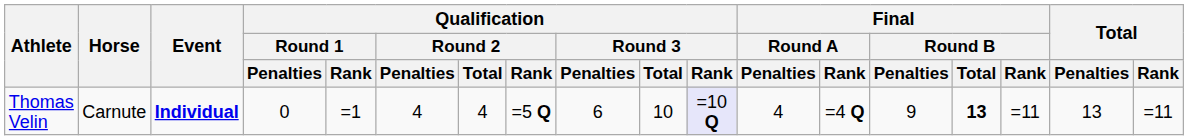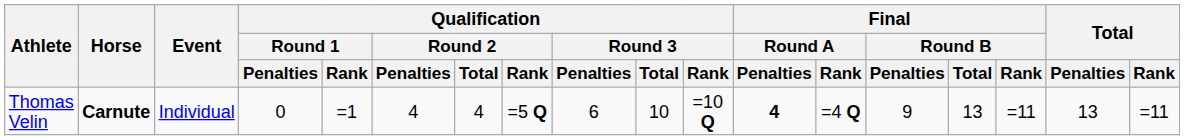 <table class="wikitable" style="font-size:90%">
 <tr>
 <th rowspan="3">Athlete</th>
 <th rowspan="3">Horse</th>
 <th rowspan="3">Event</th>
 <th colspan="8">Qualification</th>
 <th colspan="5">Final</th>
 <th rowspan=2 colspan="2">Total</th>
 </tr>
 <tr style="font-size:95%">
 <th colspan="2">Round 1</th>
 <th colspan="3">Round 2</th>
 <th colspan="3">Round 3</th>
 <th colspan="2">Round A</th>
 <th colspan="3">Round B</th>
 </tr>
 <tr style="font-size:95%">
 <th>Penalties</th>
 <th>Rank</th>
 <th>Penalties</th>
 <th>Total</th>
 <th>Rank</th>
 <th>Penalties</th>
 <th>Total</th>
 <th>Rank</th>
 <th>Penalties</th>
 <th>Rank</th>
 <th>Penalties</th>
 <th>Total</th>
 <th>Rank</th>
 <th>Penalties</th>
 <th>Rank</th>
 </tr>
 <tr align=center>
 <td align=left><a href='#'>Thomas Velin</a></td>
-<td align=left>Carnute</td>
-<td align=left><strong><a href='#'>Individual</a></strong></td>
+<td align=left><strong>Carnute</strong></td>
+<td align=left><a href='#'>Individual</a></td>
 <td>0</td>
 <td>=1</td>
 <td>4</td>
 <td>4</td>
 <td>=5 <strong>Q</strong></td>
 <td>6</td>
 <td>10</td>
-<td style="background: lavender;">=10 <strong>Q</strong></td>
-<td>4</td>
+<td>=10 <strong>Q</strong></td>
+<td><strong>4</strong></td>
 <td>=4 <strong>Q</strong></td>
 <td>9</td>
-<td><strong>13</strong></td>
+<td>13</td>
 <td>=11</td>
 <td>13</td>
 <td>=11</td>
 </tr>
 </table>
